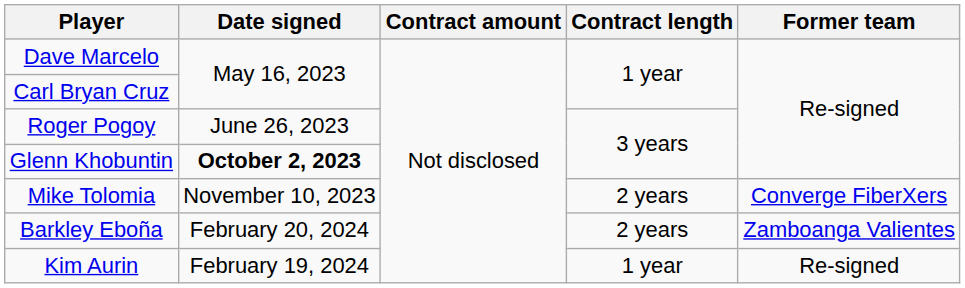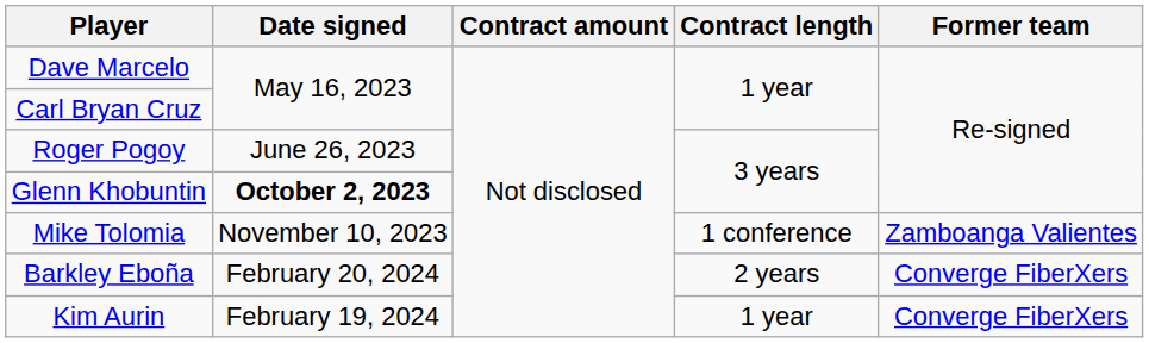 <table class="wikitable sortable sortable">
 <tr>
 <th>Player</th>
 <th>Date signed</th>
 <th>Contract amount</th>
 <th>Contract length</th>
 <th>Former team</th>
 </tr>
 <tr>
 <td align=center><a href='#'>Dave Marcelo</a></td>
 <td align=center rowspan=2>May 16, 2023</td>
 <td align=center rowspan=7>Not disclosed</td>
 <td align=center rowspan=2>1 year</td>
 <td align=center rowspan=4>Re-signed</td>
 </tr>
 <tr>
 <td align=center><a href='#'>Carl Bryan Cruz</a></td>
 </tr>
 <tr>
 <td align=center><a href='#'>Roger Pogoy</a></td>
 <td align=center>June 26, 2023</td>
 <td align=center rowspan=2>3 years</td>
 </tr>
 <tr>
 <td align=center><a href='#'>Glenn Khobuntin</a></td>
 <td align=center><strong>October 2, 2023</strong></td>
 </tr>
 <tr>
 <td align=center><a href='#'>Mike Tolomia</a></td>
 <td align=center>November 10, 2023</td>
-<td align=center>2 years</td>
-<td align=center><a href='#'>Converge FiberXers</a></td>
+<td align=center>1 conference</td>
+<td align=center><a href='#'>Zamboanga Valientes</a> </td>
 </tr>
 <tr>
 <td align=center><a href='#'>Barkley Eboña</a></td>
 <td align=center>February 20, 2024</td>
 <td align=center>2 years</td>
-<td align=center><a href='#'>Zamboanga Valientes</a> </td>
+<td align=center><a href='#'>Converge FiberXers</a></td>
 </tr>
 <tr>
 <td align=center><a href='#'>Kim Aurin</a></td>
 <td align=center>February 19, 2024</td>
 <td align=center>1 year</td>
-<td align=center>Re-signed</td>
+<td align=center><a href='#'>Converge FiberXers</a></td>
 </tr>
 </table>
